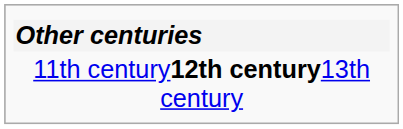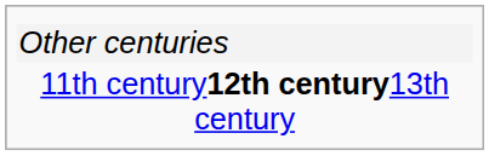 <table class="infobox" width="250">
 <tr>
 <td></td>
 </tr>
 <tr style="background-color:#f3f3f3">
-<td><strong><em>Other centuries</em></strong></td>
+<td><em>Other centuries</em></td>
 </tr>
 <tr>
 <td align="center"><a href='#'>11th century</a><strong>12th century</strong><a href='#'>13th century</a></td>
 </tr>
 </table>
